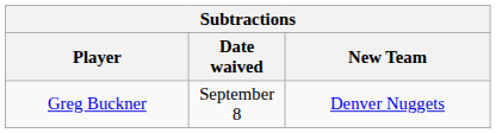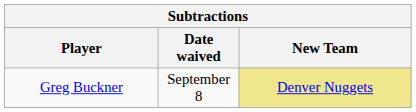 <table class="wikitable" style="text-align:center">
 <tr>
 <th colspan=3>Subtractions</th>
 </tr>
 <tr>
 <th style="width:160px">Player</th>
 <th style="width:80px">Date waived</th>
 <th style="width:180px">New Team</th>
 </tr>
 <tr>
 <td><a href='#'>Greg Buckner</a></td>
 <td>September 8</td>
-<td><a href='#'>Denver Nuggets</a></td>
+<td style="background: khaki;"><a href='#'>Denver Nuggets</a></td>
 </tr>
 </table>
